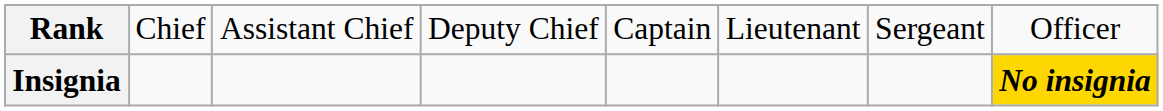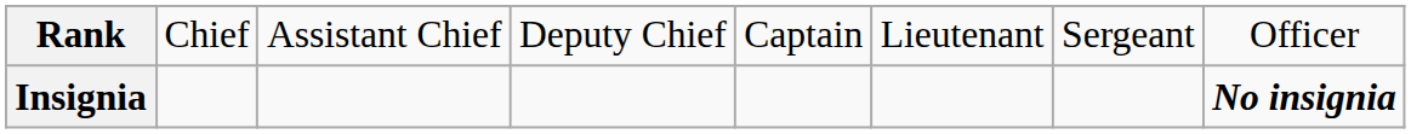 <table class="wikitable">
 <tr style="text-align:center;">
 <th>Rank</th>
 <td>Chief</td>
 <td>Assistant Chief</td>
 <td>Deputy Chief</td>
 <td>Captain</td>
 <td>Lieutenant</td>
 <td>Sergeant</td>
 <td>Officer</td>
 </tr>
 <tr style="text-align:center;">
 <th>Insignia</th>
 <td></td>
 <td></td>
 <td></td>
 <td></td>
 <td></td>
 <td></td>
-<td style="background: gold;"><strong><em>No insignia</em></strong></td>
+<td><strong><em>No insignia</em></strong></td>
 </tr>
 </table>
